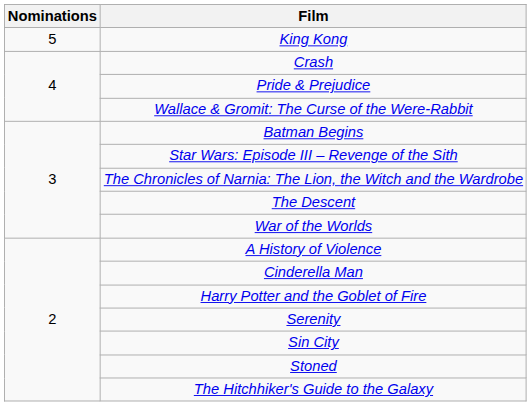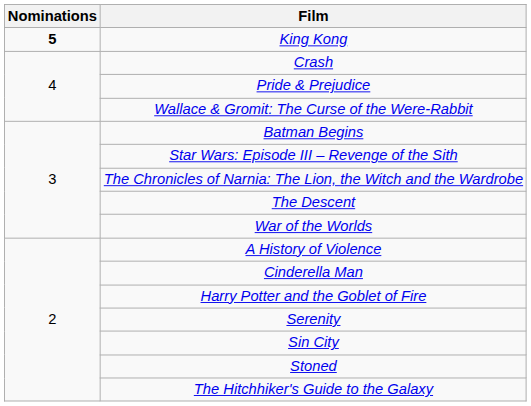 <table class="wikitable" style="text-align: center">
 <tr>
 <th scope="col" width="55">Nominations</th>
 <th scope="col">Film</th>
 </tr>
 <tr>
-<td>5</td>
+<td><strong>5</strong></td>
 <td><em><a href='#'>King Kong</a></em></td>
 </tr>
 <tr>
 <td rowspan=3>4</td>
 <td><em><a href='#'>Crash</a></em></td>
 </tr>
 <tr>
 <td><em><a href='#'>Pride & Prejudice</a></em></td>
 </tr>
 <tr>
 <td><em><a href='#'>Wallace & Gromit: The Curse of the Were-Rabbit</a></em></td>
 </tr>
 <tr>
 <td rowspan=5>3</td>
 <td><em><a href='#'>Batman Begins</a></em></td>
 </tr>
 <tr>
 <td><em><a href='#'>Star Wars: Episode III – Revenge of the Sith</a></em></td>
 </tr>
 <tr>
 <td><em><a href='#'>The Chronicles of Narnia: The Lion, the Witch and the Wardrobe</a></em></td>
 </tr>
 <tr>
 <td><em><a href='#'>The Descent</a></em></td>
 </tr>
 <tr>
 <td><em><a href='#'>War of the Worlds</a></em></td>
 </tr>
 <tr>
 <td rowspan=7>2</td>
 <td><em><a href='#'>A History of Violence</a></em></td>
 </tr>
 <tr>
 <td><em><a href='#'>Cinderella Man</a></em></td>
 </tr>
 <tr>
 <td><em><a href='#'>Harry Potter and the Goblet of Fire</a></em></td>
 </tr>
 <tr>
 <td><em><a href='#'>Serenity</a></em></td>
 </tr>
 <tr>
 <td><em><a href='#'>Sin City</a></em></td>
 </tr>
 <tr>
 <td><em><a href='#'>Stoned</a></em></td>
 </tr>
 <tr>
 <td><em><a href='#'>The Hitchhiker's Guide to the Galaxy</a></em></td>
 </tr>
 </table>
